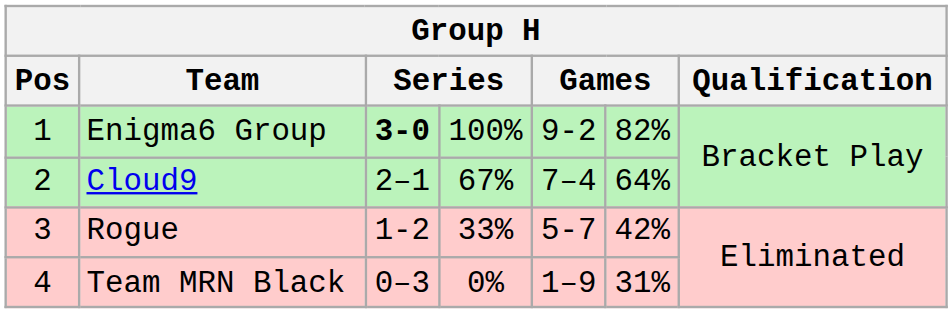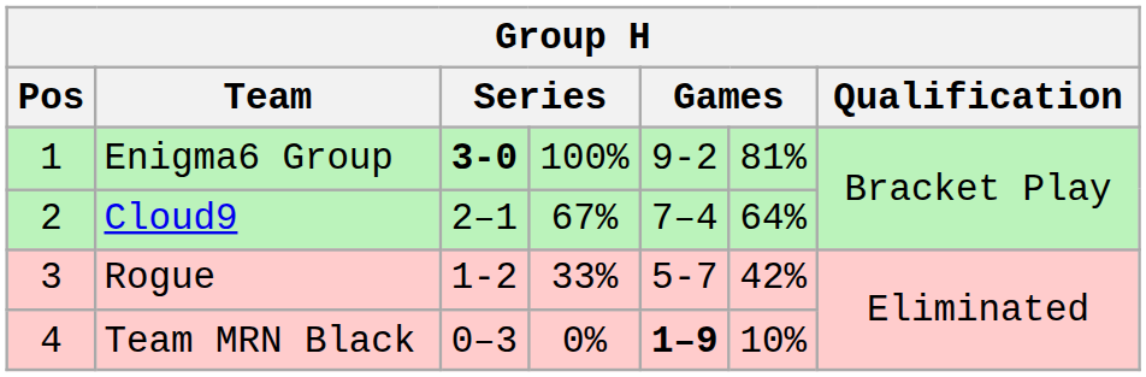 <table class="wikitable" style="display: inline-table; margin-left: 50px;width: 45%;">
 <tr>
 <th colspan="7">Group H</th>
 </tr>
 <tr>
 <th>Pos</th>
 <th>Team</th>
 <th colspan="2">Series</th>
 <th colspan="2">Games</th>
 <th>Qualification</th>
 </tr>
 <tr>
 <td style="text-align:center; background:#BBF3BB;">1</td>
 <td style="text-align:left; background:#BBF3BB;">Enigma6 Group</td>
 <td style="text-align:center; background:#BBF3BB;"><strong>3-0</strong></td>
 <td style="text-align:center; background:#BBF3BB;">100%</td>
 <td style="text-align:center; background:#BBF3BB;">9-2</td>
-<td style="text-align:center; background:#BBF3BB;">82%</td>
+<td style="text-align:center; background:#BBF3BB;">81%</td>
 <td style="text-align:center; background:#BBF3BB;" rowspan="2">Bracket Play</td>
 </tr>
 <tr>
 <td style="text-align:center; background:#BBF3BB;">2</td>
 <td style="text-align:left; background:#BBF3BB;"><a href='#'>Cloud9</a></td>
 <td style="text-align:center; background:#BBF3BB;">2–1</td>
 <td style="text-align:center; background:#BBF3BB;">67%</td>
 <td style="text-align:center; background:#BBF3BB;">7–4</td>
 <td style="text-align:center; background:#BBF3BB;">64%</td>
 </tr>
 <tr>
 <td style="text-align:center; background:#FFCCCC;">3</td>
 <td style="text-align:left; background:#FFCCCC;">Rogue</td>
 <td style="text-align:center; background:#FFCCCC;">1-2</td>
 <td style="text-align:center; background:#FFCCCC;">33%</td>
 <td style="text-align:center; background:#FFCCCC;">5-7</td>
 <td style="text-align:center; background:#FFCCCC;">42%</td>
 <td style="text-align:center; background:#FFCCCC;" rowspan="2">Eliminated</td>
 </tr>
 <tr>
 <td style="text-align:center; background:#FFCCCC;">4</td>
 <td style="text-align:left; background:#FFCCCC;">Team MRN Black</td>
 <td style="text-align:center; background:#FFCCCC;">0–3</td>
 <td style="text-align:center; background:#FFCCCC;">0%</td>
-<td style="text-align:center; background:#FFCCCC;">1–9</td>
-<td style="text-align:center; background:#FFCCCC;">31%</td>
+<td style="text-align:center; background:#FFCCCC;"><strong>1–9</strong></td>
+<td style="text-align:center; background:#FFCCCC;">10%</td>
 </tr>
 </table>
